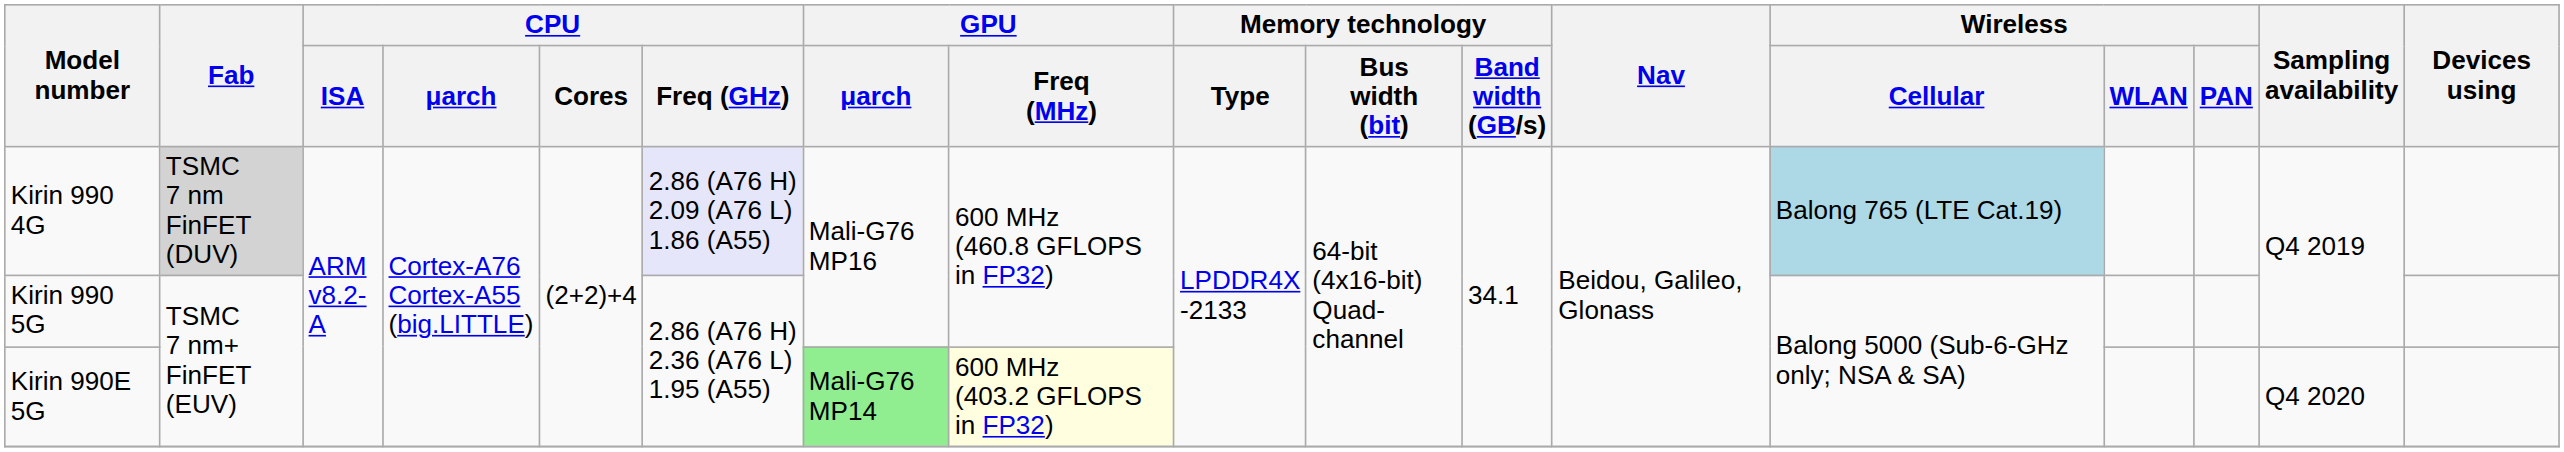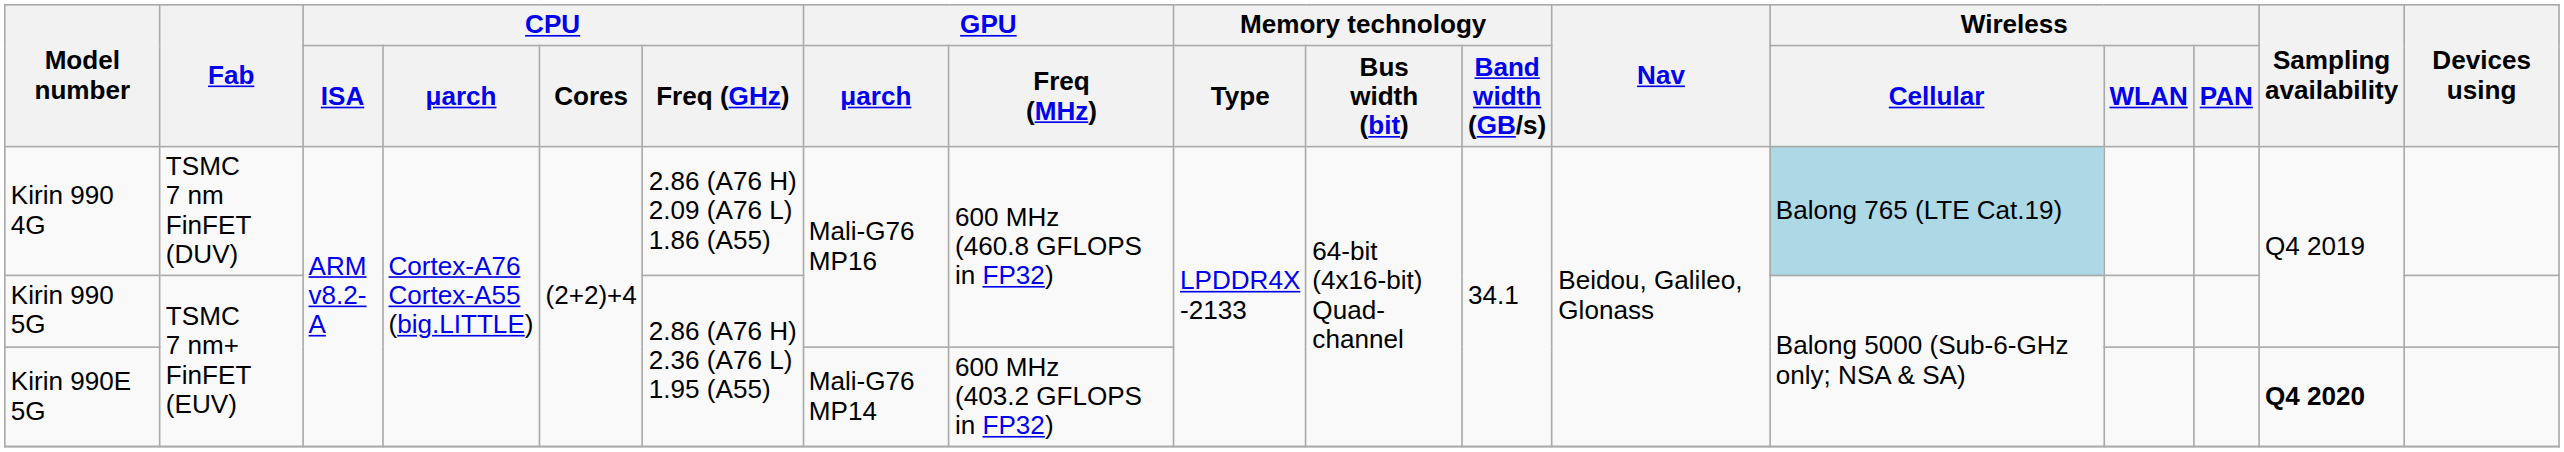 <table class="wikitable">
 <tr>
 <th rowspan="2">Model number</th>
 <th rowspan="2"><a href='#'>Fab</a></th>
 <th colspan="4"><a href='#'>CPU</a></th>
 <th colspan="2"><a href='#'>GPU</a></th>
 <th colspan="3">Memory technology</th>
 <th rowspan="2"><a href='#'>Nav</a></th>
 <th colspan="3">Wireless</th>
 <th rowspan="2">Sampling <br>availability</th>
 <th rowspan="2">Devices using</th>
 </tr>
 <tr>
 <th><a href='#'>ISA</a></th>
 <th><a href='#'>μarch</a></th>
 <th>Cores</th>
 <th>Freq (<a href='#'>GHz</a>)</th>
 <th><a href='#'>μarch</a></th>
 <th>Freq <br>(<a href='#'>MHz</a>)</th>
 <th>Type</th>
 <th>Bus <br>width <br>(<a href='#'>bit</a>)</th>
 <th><a href='#'>Band<br>width</a> <br>(<a href='#'>GB</a>/s)</th>
 <th><a href='#'>Cellular</a></th>
 <th><a href='#'>WLAN</a></th>
 <th><a href='#'>PAN</a></th>
 </tr>
 <tr>
 <td>Kirin 990 4G</td>
-<td style="background: lightgrey;">TSMC 7 nm <br>FinFET (DUV)</td>
+<td>TSMC 7 nm <br>FinFET (DUV)</td>
 <td rowspan="3"><a href='#'>ARM<br>v8.2-A</a></td>
 <td rowspan="3"><a href='#'>Cortex-A76</a> <br><a href='#'>Cortex-A55</a> <br>(<a href='#'>big.LITTLE</a>)</td>
 <td rowspan="3">(2+2)+4</td>
-<td style="background: lavender;">2.86 (A76 H)<br>2.09 (A76 L)<br>1.86 (A55)</td>
+<td>2.86 (A76 H)<br>2.09 (A76 L)<br>1.86 (A55)</td>
 <td rowspan="2">Mali-G76 MP16</td>
 <td rowspan="2">600 MHz<br>(460.8 GFLOPS in <a href='#'>FP32</a>)</td>
 <td rowspan="3"><a href='#'>LPDDR4X</a><br>-2133</td>
 <td rowspan="3">64-bit (4x16-bit) <br>Quad-channel</td>
 <td rowspan="3">34.1</td>
 <td rowspan="3">Beidou, Galileo, Glonass</td>
 <td style="background: lightblue;">Balong 765 (LTE Cat.19)</td>
 <td></td>
 <td></td>
 <td rowspan="2">Q4 2019</td>
 <td></td>
 </tr>
 <tr>
 <td>Kirin 990 5G</td>
 <td rowspan="2+">TSMC 7 nm+ <br>FinFET (EUV)</td>
 <td rowspan="2">2.86 (A76 H)<br>2.36 (A76 L)<br>1.95 (A55)</td>
 <td rowspan="2">Balong 5000 (Sub-6-GHz only; NSA & SA)</td>
 <td></td>
 <td></td>
 <td></td>
 </tr>
 <tr>
 <td>Kirin 990E 5G</td>
-<td style="background: lightgreen;">Mali-G76 MP14</td>
-<td style="background: lightyellow;">600 MHz<br>(403.2 GFLOPS in <a href='#'>FP32</a>)</td>
+<td>Mali-G76 MP14</td>
+<td>600 MHz<br>(403.2 GFLOPS in <a href='#'>FP32</a>)</td>
 <td></td>
 <td></td>
-<td>Q4 2020</td>
+<td><strong>Q4 2020</strong></td>
 <td></td>
 </tr>
 <tr>
 </tr>
 </table>
